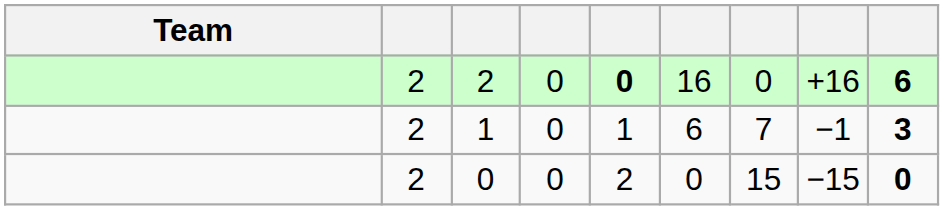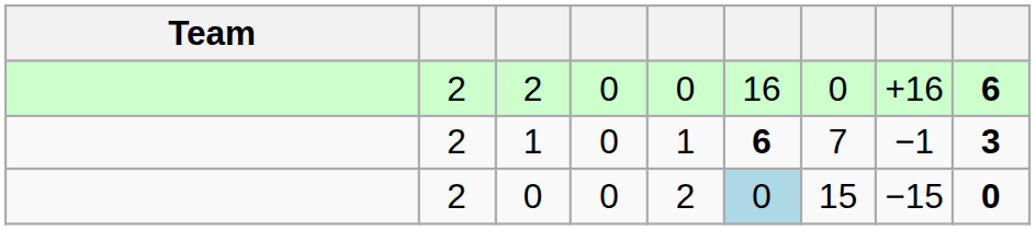 <table class="wikitable" style="text-align: center; font-size: 90%;">
 <tr>
 <th width=165>Team</th>
 <th width=25></th>
 <th width=25></th>
 <th width=25></th>
 <th width=25></th>
 <th width=25></th>
 <th width=25></th>
 <th width=25></th>
 <th width=25></th>
 </tr>
 <tr style="background:#ccffcc">
 <td style="text-align:left;"></td>
 <td>2</td>
 <td>2</td>
 <td>0</td>
-<td><strong>0</strong></td>
+<td>0</td>
 <td>16</td>
 <td>0</td>
 <td>+16</td>
 <td><strong>6</strong></td>
 </tr>
 <tr>
 <td style="text-align:left;"></td>
 <td>2</td>
 <td>1</td>
 <td>0</td>
 <td>1</td>
-<td>6</td>
+<td><strong>6</strong></td>
 <td>7</td>
 <td>−1</td>
 <td><strong>3</strong></td>
 </tr>
 <tr>
 <td style="text-align:left;"></td>
 <td>2</td>
 <td>0</td>
 <td>0</td>
 <td>2</td>
-<td>0</td>
+<td style="background: lightblue;">0</td>
 <td>15</td>
 <td>−15</td>
 <td><strong>0</strong></td>
 </tr>
 </table>
